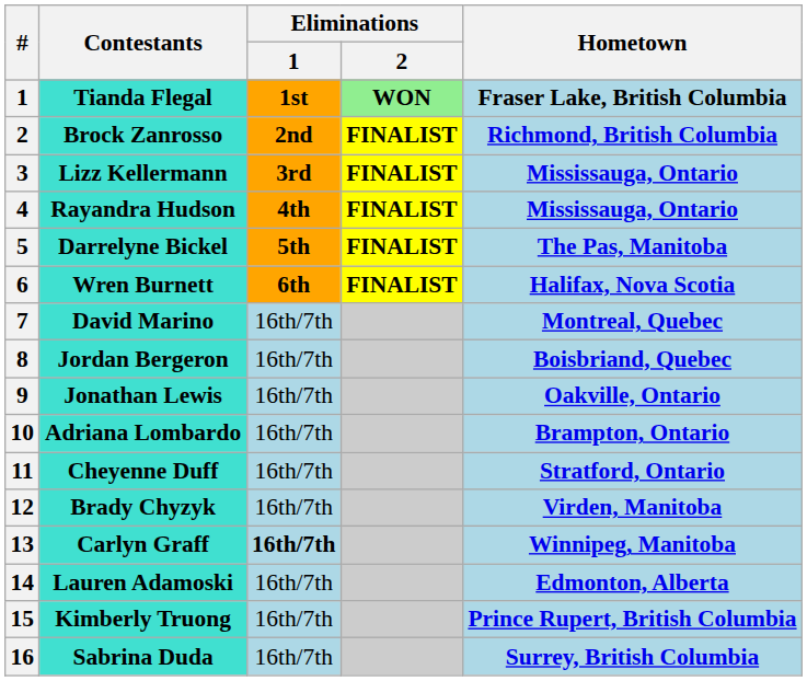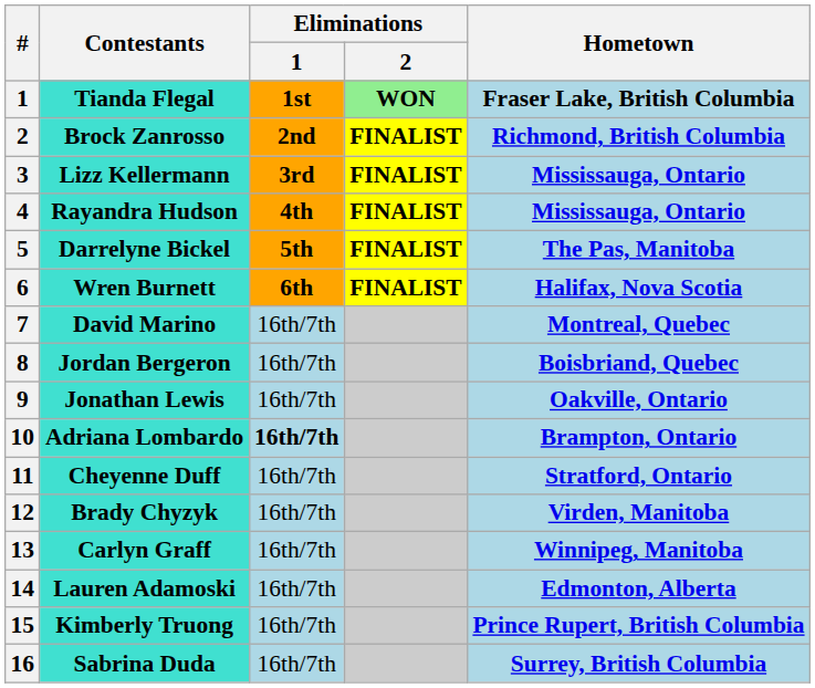 <table class="wikitable" style="text-align:center;">
 <tr>
 <th rowspan=2>#</th>
 <th rowspan=2>Contestants</th>
 <th colspan=2>Eliminations</th>
 <th rowspan=2>Hometown</th>
 </tr>
 <tr>
 <th>1</th>
 <th>2</th>
 </tr>
 <tr>
 <th>1</th>
 <td style="background:Turquoise;"><strong>Tianda Flegal</strong></td>
 <td style="background:orange;"><strong>1st</strong></td>
 <td style="background:lightgreen;"><strong>WON</strong></td>
 <td style="background:lightblue;"><strong>Fraser Lake, British Columbia</strong></td>
 </tr>
 <tr>
 <th>2</th>
 <td style="background:Turquoise;"><strong>Brock Zanrosso</strong></td>
 <td style="background:orange;"><strong>2nd</strong></td>
 <td style="background:yellow;"><strong>FINALIST</strong></td>
 <td style="background:lightblue;"><strong><a href='#'>Richmond, British Columbia</a></strong></td>
 </tr>
 <tr>
 <th>3</th>
 <td style="background:Turquoise;"><strong>Lizz Kellermann</strong></td>
 <td style="background:orange;"><strong>3rd</strong></td>
 <td style="background:yellow;"><strong>FINALIST</strong></td>
 <td style="background:lightblue;"><strong><a href='#'>Mississauga, Ontario</a></strong></td>
 </tr>
 <tr>
 <th>4</th>
 <td style="background:Turquoise;"><strong>Rayandra Hudson</strong></td>
 <td style="background:orange;"><strong>4th</strong></td>
 <td style="background:yellow;"><strong>FINALIST</strong></td>
 <td style="background:lightblue;"><strong><a href='#'>Mississauga, Ontario</a></strong></td>
 </tr>
 <tr>
 <th>5</th>
 <td style="background:Turquoise;"><strong>Darrelyne Bickel</strong></td>
 <td style="background:orange;"><strong>5th</strong></td>
 <td style="background:yellow;"><strong>FINALIST</strong></td>
 <td style="background:lightblue;"><strong><a href='#'>The Pas, Manitoba</a></strong></td>
 </tr>
 <tr>
 <th>6</th>
 <td style="background:Turquoise;"><strong>Wren Burnett</strong></td>
 <td style="background:orange;"><strong>6th</strong></td>
 <td style="background:yellow;"><strong>FINALIST</strong></td>
 <td style="background:lightblue;"><strong><a href='#'>Halifax, Nova Scotia</a></strong></td>
 </tr>
 <tr>
 <th>7</th>
 <td style="background:Turquoise;"><strong>David Marino</strong></td>
 <td style="background:lightblue;">16th/7th</td>
 <td style="background:#ccc;"></td>
 <td style="background:lightblue;"><strong><a href='#'>Montreal, Quebec</a></strong></td>
 </tr>
 <tr>
 <th>8</th>
 <td style="background:Turquoise;"><strong>Jordan Bergeron</strong></td>
 <td style="background:lightblue;">16th/7th</td>
 <td style="background:#ccc;"></td>
 <td style="background:lightblue;"><strong><a href='#'>Boisbriand, Quebec</a></strong></td>
 </tr>
 <tr>
 <th>9</th>
 <td style="background:Turquoise;"><strong>Jonathan Lewis</strong></td>
 <td style="background:lightblue;">16th/7th</td>
 <td style="background:#ccc;"></td>
 <td style="background:lightblue;"><strong><a href='#'>Oakville, Ontario</a></strong></td>
 </tr>
 <tr>
 <th>10</th>
 <td style="background:Turquoise;"><strong>Adriana Lombardo</strong></td>
-<td style="background:lightblue;">16th/7th</td>
+<td style="background:lightblue;"><strong>16th/7th</strong></td>
 <td style="background:#ccc;"></td>
 <td style="background:lightblue;"><strong><a href='#'>Brampton, Ontario</a></strong></td>
 </tr>
 <tr>
 <th>11</th>
 <td style="background:Turquoise;"><strong>Cheyenne Duff</strong></td>
 <td style="background:lightblue;">16th/7th</td>
 <td style="background:#ccc;"></td>
 <td style="background:lightblue;"><strong><a href='#'>Stratford, Ontario</a></strong></td>
 </tr>
 <tr>
 <th>12</th>
 <td style="background:Turquoise;"><strong>Brady Chyzyk</strong></td>
 <td style="background:lightblue;">16th/7th</td>
 <td style="background:#ccc;"></td>
 <td style="background:lightblue;"><strong><a href='#'>Virden, Manitoba</a></strong></td>
 </tr>
 <tr>
 <th>13</th>
 <td style="background:Turquoise;"><strong>Carlyn Graff</strong></td>
-<td style="background:lightblue;"><strong>16th/7th</strong></td>
+<td style="background:lightblue;">16th/7th</td>
 <td style="background:#ccc;"></td>
 <td style="background:lightblue;"><strong><a href='#'>Winnipeg, Manitoba</a></strong></td>
 </tr>
 <tr>
 <th>14</th>
 <td style="background:Turquoise;"><strong>Lauren Adamoski</strong></td>
 <td style="background:lightblue;">16th/7th</td>
 <td style="background:#ccc;"></td>
 <td style="background:lightblue;"><strong><a href='#'>Edmonton, Alberta</a></strong></td>
 </tr>
 <tr>
 <th>15</th>
 <td style="background:Turquoise;"><strong>Kimberly Truong</strong></td>
 <td style="background:lightblue;">16th/7th</td>
 <td style="background:#ccc;"></td>
 <td style="background:lightblue;"><strong><a href='#'>Prince Rupert, British Columbia</a></strong></td>
 </tr>
 <tr>
 <th>16</th>
 <td style="background:Turquoise;"><strong>Sabrina Duda</strong></td>
 <td style="background:lightblue;">16th/7th</td>
 <td style="background:#ccc;"></td>
 <td style="background:lightblue;"><strong><a href='#'>Surrey, British Columbia</a></strong></td>
 </tr>
 </table>
